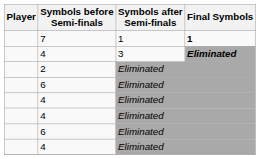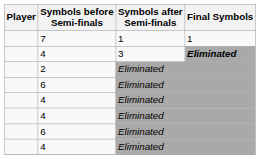 <table class="wikitable sortable">
 <tr>
 <th>Player</th>
 <th>Symbols before<br> Semi-finals</th>
 <th>Symbols after<br>Semi-finals</th>
 <th>Final Symbols</th>
 </tr>
 <tr>
 <td></td>
 <td>7</td>
 <td>1</td>
-<td><strong>1</strong></td>
+<td>1</td>
 </tr>
 <tr>
 <td></td>
 <td>4</td>
 <td>3</td>
 <td style="background:darkgray"><strong><em>Eliminated</em></strong></td>
 </tr>
 <tr>
 <td></td>
 <td>2</td>
 <td colspan=6 style="background:darkgray"><em>Eliminated</em></td>
 </tr>
 <tr>
 <td></td>
 <td>6</td>
 <td colspan=6 style="background:darkgray"><em>Eliminated</em></td>
 </tr>
 <tr>
 <td></td>
 <td>4</td>
 <td colspan=6 style="background:darkgray"><em>Eliminated</em></td>
 </tr>
 <tr>
 <td></td>
 <td>4</td>
 <td colspan=6 style="background:darkgray"><em>Eliminated</em></td>
 </tr>
 <tr>
 <td></td>
 <td>6</td>
 <td colspan=6 style="background:darkgray"><em>Eliminated</em></td>
 </tr>
 <tr>
 <td></td>
 <td>4</td>
 <td colspan=6 style="background:darkgray"><em>Eliminated</em></td>
 </tr>
 <tr>
 </tr>
 </table>
